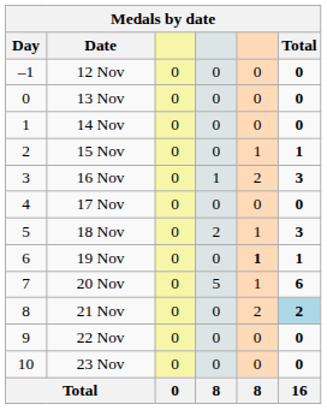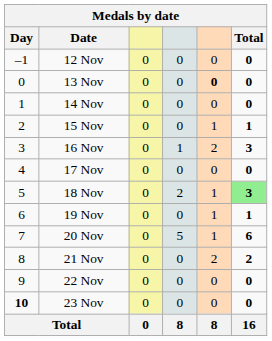 <table class="wikitable" style="font-size:90%; text-align:center;">
 <tr style="background:#efefef;">
 <th colspan=6><strong>Medals by date</strong></th>
 </tr>
 <tr>
 <th width=30><strong>Day</strong></th>
 <th width=90><strong>Date</strong></th>
 <th width=30 style="background:#F7F6A8;"></th>
 <th width=30 style="background:#DCE5E5;"></th>
 <th width=30 style="background:#FFDAB9;"></th>
 <th width=30><strong>Total</strong></th>
 </tr>
 <tr>
 <td>–1</td>
 <td>12 Nov</td>
 <td style="background:#F7F6A8;">0</td>
 <td style="background:#DCE5E5;">0</td>
 <td style="background:#FFDAB9;">0</td>
 <td><strong>0</strong></td>
 </tr>
 <tr>
 <td>0</td>
 <td>13 Nov</td>
 <td style="background:#F7F6A8;">0</td>
 <td style="background:#DCE5E5;">0</td>
-<td style="background:#FFDAB9;">0</td>
+<td style="background:#FFDAB9;"><strong>0</strong></td>
 <td><strong>0</strong></td>
 </tr>
 <tr>
 <td>1</td>
 <td>14 Nov</td>
 <td style="background:#F7F6A8;">0</td>
 <td style="background:#DCE5E5;">0</td>
 <td style="background:#FFDAB9;">0</td>
 <td><strong>0</strong></td>
 </tr>
 <tr>
 <td>2</td>
 <td>15 Nov</td>
 <td style="background:#F7F6A8;">0</td>
 <td style="background:#DCE5E5;">0</td>
 <td style="background:#FFDAB9;">1</td>
 <td><strong>1</strong></td>
 </tr>
 <tr>
 <td>3</td>
 <td>16 Nov</td>
 <td style="background:#F7F6A8;">0</td>
 <td style="background:#DCE5E5;">1</td>
 <td style="background:#FFDAB9;">2</td>
 <td><strong>3</strong></td>
 </tr>
 <tr>
 <td>4</td>
 <td>17 Nov</td>
 <td style="background:#F7F6A8;">0</td>
 <td style="background:#DCE5E5;">0</td>
 <td style="background:#FFDAB9;">0</td>
 <td><strong>0</strong></td>
 </tr>
 <tr>
 <td>5</td>
 <td>18 Nov</td>
 <td style="background:#F7F6A8;">0</td>
 <td style="background:#DCE5E5;">2</td>
 <td style="background:#FFDAB9;">1</td>
-<td><strong>3</strong></td>
+<td style="background: lightgreen;"><strong>3</strong></td>
 </tr>
 <tr>
 <td>6</td>
 <td>19 Nov</td>
 <td style="background:#F7F6A8;">0</td>
 <td style="background:#DCE5E5;">0</td>
-<td style="background:#FFDAB9;"><strong>1</strong></td>
+<td style="background:#FFDAB9;">1</td>
 <td><strong>1</strong></td>
 </tr>
 <tr>
 <td>7</td>
 <td>20 Nov</td>
 <td style="background:#F7F6A8;">0</td>
 <td style="background:#DCE5E5;">5</td>
 <td style="background:#FFDAB9;">1</td>
 <td><strong>6</strong></td>
 </tr>
 <tr>
 <td>8</td>
 <td>21 Nov</td>
 <td style="background:#F7F6A8;">0</td>
 <td style="background:#DCE5E5;">0</td>
 <td style="background:#FFDAB9;">2</td>
-<td style="background: lightblue;"><strong>2</strong></td>
+<td><strong>2</strong></td>
 </tr>
 <tr>
 <td>9</td>
 <td>22 Nov</td>
 <td style="background:#F7F6A8;">0</td>
 <td style="background:#DCE5E5;">0</td>
 <td style="background:#FFDAB9;">0</td>
 <td><strong>0</strong></td>
 </tr>
 <tr>
-<td>10</td>
+<td><strong>10</strong></td>
 <td>23 Nov</td>
 <td style="background:#F7F6A8;">0</td>
 <td style="background:#DCE5E5;">0</td>
 <td style="background:#FFDAB9;">0</td>
 <td><strong>0</strong></td>
 </tr>
 <tr>
 <th colspan="2"><strong>Total</strong></th>
 <th><strong>0</strong></th>
 <th><strong>8</strong></th>
 <th><strong>8</strong></th>
 <th><strong>16</strong></th>
 </tr>
 </table>
